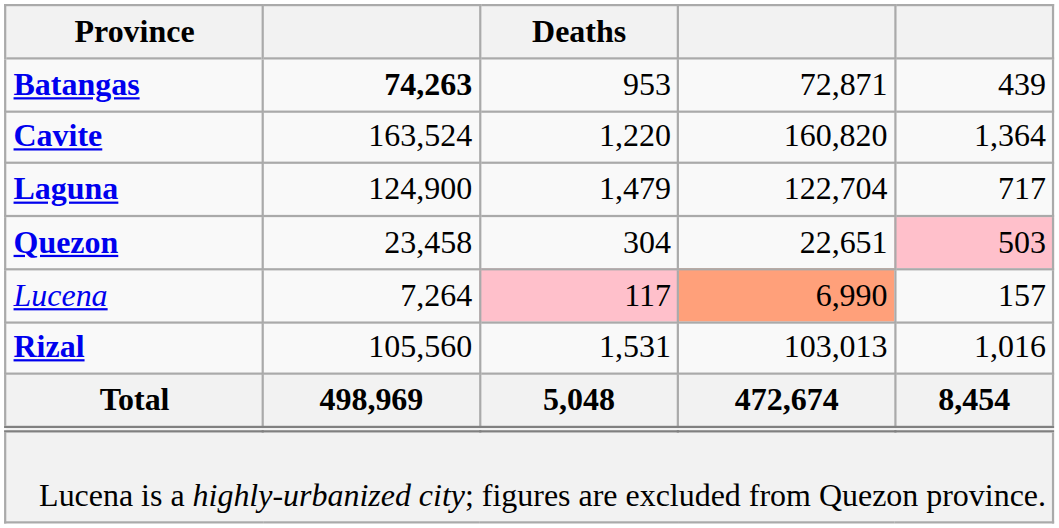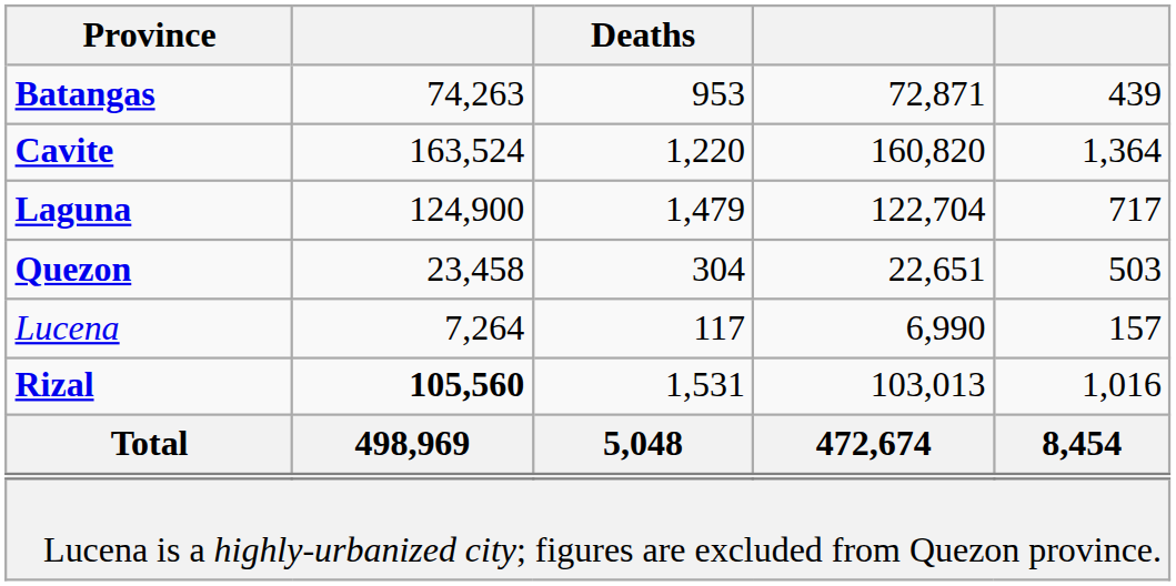 <table class="wikitable plainrowheaders sortable floatleft" style="text-align:left; font-size:90%; width:auto; clear:right; margin:0 0 0.5em 1em;">
 <tr>
 <th scope="col" style="border-bottom:none;" colspan=1 class="unsortable">Province </th>
 <th></th>
 <th>Deaths</th>
 <th></th>
 <th></th>
 </tr>
 <tr>
 <td><strong><a href='#'>Batangas</a></strong></td>
-<td style="text-align:right;"><strong>74,263</strong></td>
+<td style="text-align:right;">74,263</td>
 <td style="text-align:right;">953</td>
 <td style="text-align:right;">72,871</td>
 <td style="text-align:right;">439</td>
 </tr>
 <tr>
 <td><strong><a href='#'>Cavite</a></strong></td>
 <td style="text-align:right;">163,524</td>
 <td style="text-align:right;">1,220</td>
 <td style="text-align:right;">160,820</td>
 <td style="text-align:right;">1,364</td>
 </tr>
 <tr>
 <td><strong><a href='#'>Laguna</a></strong></td>
 <td style="text-align:right;">124,900</td>
 <td style="text-align:right;">1,479</td>
 <td style="text-align:right;">122,704</td>
 <td style="text-align:right;">717</td>
 </tr>
 <tr>
 <td><strong><a href='#'>Quezon</a></strong></td>
 <td style="text-align:right;">23,458</td>
 <td style="text-align:right;">304</td>
 <td style="text-align:right;">22,651</td>
-<td style="background: pink; text-align:right;">503</td>
+<td style="text-align:right;">503</td>
 </tr>
 <tr>
 <td><em><a href='#'>Lucena</a></em></td>
 <td style="text-align:right;">7,264</td>
-<td style="background: pink; text-align:right;">117</td>
-<td style="background: lightsalmon; text-align:right;">6,990</td>
+<td style="text-align:right;">117</td>
+<td style="text-align:right;">6,990</td>
 <td style="text-align:right;">157</td>
 </tr>
 <tr>
 <td><strong><a href='#'>Rizal</a></strong></td>
-<td style="text-align:right;">105,560</td>
+<td style="text-align:right;"><strong>105,560</strong></td>
 <td style="text-align:right;">1,531</td>
 <td style="text-align:right;">103,013</td>
 <td style="text-align:right;">1,016</td>
 </tr>
 <tr>
 <th>Total</th>
 <th>498,969</th>
 <th>5,048</th>
 <th>472,674</th>
 <th>8,454</th>
 </tr>
 <tr class="sortbottom" style="text-align:left;background-color:#F2F2F2;border-top:double grey;">
 <td colspan=13 style="padding-left:1em;"><br> Lucena is a <em>highly-urbanized city</em>; figures are excluded from Quezon province.</td>
 </tr>
 </table>
